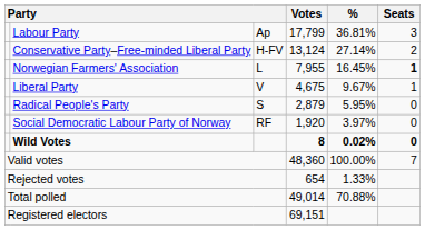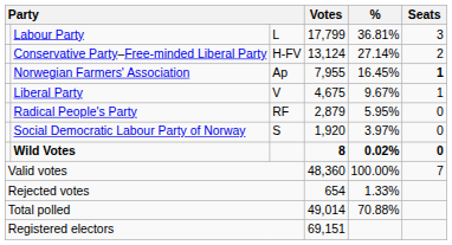 <table class="wikitable" border="1" style="text-align:right;">
 <tr>
 <th style="text-align:left;" colspan=3>Party</th>
 <th align=center width="50">Votes</th>
 <th align=center width="50">%</th>
 <th align=center width="50">Seats</th>
 </tr>
 <tr>
 <td style="color:inherit;background:"></td>
 <td align=left><a href='#'>Labour Party</a></td>
-<td align=left>Ap</td>
+<td align=left>L</td>
 <td>17,799</td>
 <td>36.81%</td>
 <td>3</td>
 </tr>
 <tr>
 <td></td>
 <td align=left><a href='#'>Conservative Party</a>–<a href='#'>Free-minded Liberal Party</a></td>
 <td align=left>H-FV</td>
 <td>13,124</td>
 <td>27.14%</td>
 <td>2</td>
 </tr>
 <tr>
 <td style="color:inherit;background:"></td>
 <td align=left><a href='#'>Norwegian Farmers' Association</a></td>
-<td align=left>L</td>
+<td align=left>Ap</td>
 <td>7,955</td>
 <td>16.45%</td>
 <td><strong>1</strong></td>
 </tr>
 <tr>
 <td style="color:inherit;background:"></td>
 <td align=left><a href='#'>Liberal Party</a></td>
 <td align=left>V</td>
 <td>4,675</td>
 <td>9.67%</td>
 <td>1</td>
 </tr>
 <tr>
 <td></td>
 <td align=left><a href='#'>Radical People's Party</a></td>
-<td align=left>S</td>
+<td align=left>RF</td>
 <td>2,879</td>
 <td>5.95%</td>
 <td>0</td>
 </tr>
 <tr>
 <td style="color:inherit;background:"></td>
 <td align=left><a href='#'>Social Democratic Labour Party of Norway</a></td>
-<td align=left>RF</td>
+<td align=left>S</td>
 <td>1,920</td>
 <td>3.97%</td>
 <td>0</td>
 </tr>
 <tr style="font-weight:bold">
 <td></td>
 <td align=left>Wild Votes</td>
 <td align=left></td>
 <td>8</td>
 <td>0.02%</td>
 <td>0</td>
 </tr>
 <tr>
 <td align=left colspan=3>Valid votes</td>
 <td>48,360</td>
 <td>100.00%</td>
 <td>7</td>
 </tr>
 <tr>
 <td align=left colspan=3>Rejected votes</td>
 <td>654</td>
 <td>1.33%</td>
 <td></td>
 </tr>
 <tr>
 <td align=left colspan=3>Total polled</td>
 <td>49,014</td>
 <td>70.88%</td>
 <td></td>
 </tr>
 <tr>
 <td align=left colspan=3>Registered electors</td>
 <td>69,151</td>
 <td></td>
 <td></td>
 </tr>
 </table>
